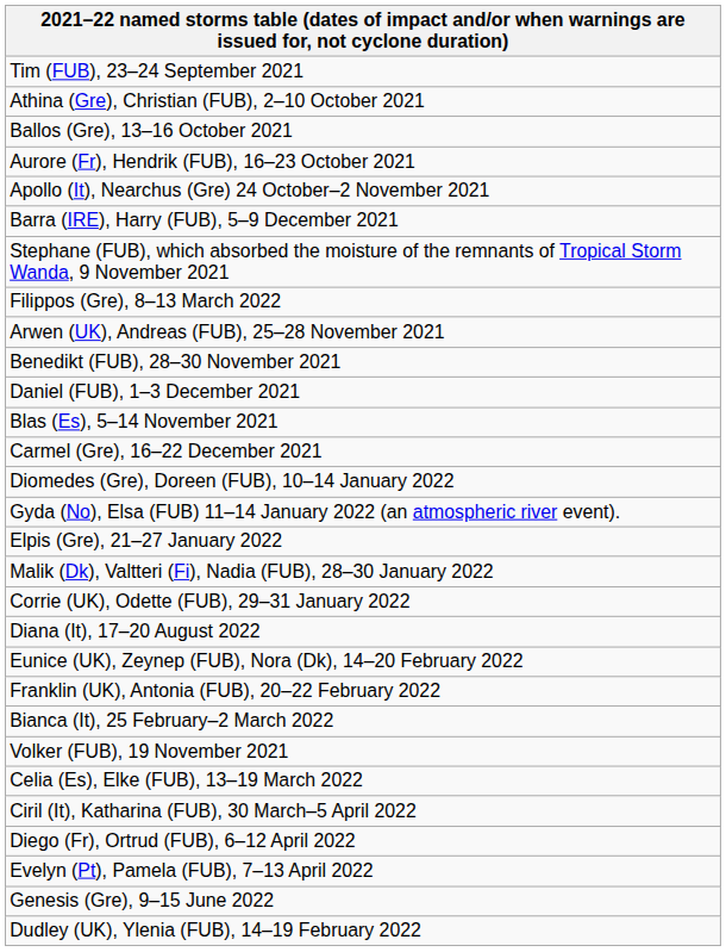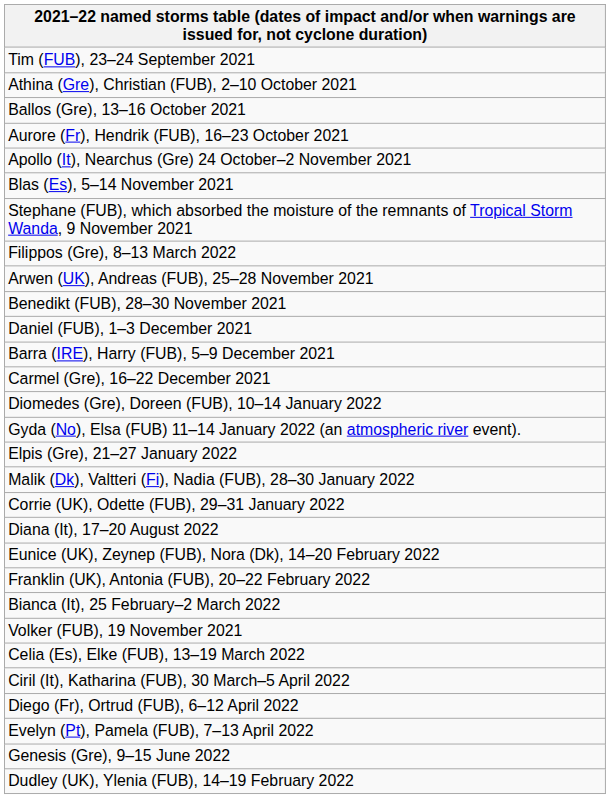 <table class="wikitable sortable">
 <tr>
 <th>2021–22 named storms table (dates of impact and/or when warnings are issued for, not cyclone duration)</th>
 </tr>
 <tr>
 <td>Tim (<a href='#'>FUB</a>), 23–24 September 2021</td>
 </tr>
 <tr>
 <td>Athina (<a href='#'>Gre</a>), Christian (FUB), 2–10 October 2021</td>
 </tr>
 <tr>
 <td>Ballos (Gre), 13–16 October 2021</td>
 </tr>
 <tr>
 <td>Aurore (<a href='#'>Fr</a>), Hendrik (FUB), 16–23 October 2021</td>
 </tr>
 <tr>
 <td>Apollo (<a href='#'>It</a>), Nearchus (Gre) 24 October–2 November 2021</td>
 </tr>
 <tr>
-<td>Barra (<a href='#'>IRE</a>), Harry (FUB), 5–9 December 2021</td>
+<td>Blas (<a href='#'>Es</a>), 5–14 November 2021</td>
 </tr>
 <tr>
 <td>Stephane (FUB), which absorbed the moisture of the remnants of <a href='#'>Tropical Storm Wanda</a>, 9 November 2021</td>
 </tr>
 <tr>
 <td>Filippos (Gre), 8–13 March 2022</td>
 </tr>
 <tr>
 <td>Arwen (<a href='#'>UK</a>), Andreas (FUB), 25–28 November 2021</td>
 </tr>
 <tr>
 <td>Benedikt (FUB), 28–30 November 2021</td>
 </tr>
 <tr>
 <td>Daniel (FUB), 1–3 December 2021</td>
 </tr>
 <tr>
-<td>Blas (<a href='#'>Es</a>), 5–14 November 2021</td>
+<td>Barra (<a href='#'>IRE</a>), Harry (FUB), 5–9 December 2021</td>
 </tr>
 <tr>
 <td>Carmel (Gre), 16–22 December 2021</td>
 </tr>
 <tr>
 <td>Diomedes (Gre), Doreen (FUB), 10–14 January 2022</td>
 </tr>
 <tr>
 <td>Gyda (<a href='#'>No</a>), Elsa (FUB) 11–14 January 2022 (an <a href='#'>atmospheric river</a> event).</td>
 </tr>
 <tr>
 <td>Elpis (Gre), 21–27 January 2022</td>
 </tr>
 <tr>
 <td>Malik (<a href='#'>Dk</a>), Valtteri (<a href='#'>Fi</a>), Nadia (FUB), 28–30 January 2022</td>
 </tr>
 <tr>
 <td>Corrie (UK), Odette (FUB), 29–31 January 2022</td>
 </tr>
 <tr>
 <td>Diana (It), 17–20 August 2022</td>
 </tr>
 <tr>
 <td>Eunice (UK), Zeynep (FUB), Nora (Dk), 14–20 February 2022</td>
 </tr>
 <tr>
 <td>Franklin (UK), Antonia (FUB), 20–22 February 2022</td>
 </tr>
 <tr>
 <td>Bianca (It), 25 February–2 March 2022</td>
 </tr>
 <tr>
 <td>Volker (FUB), 19 November 2021</td>
 </tr>
 <tr>
 <td>Celia (Es), Elke (FUB), 13–19 March 2022</td>
 </tr>
 <tr>
 <td>Ciril (It), Katharina (FUB), 30 March–5 April 2022</td>
 </tr>
 <tr>
 <td>Diego (Fr), Ortrud (FUB), 6–12 April 2022</td>
 </tr>
 <tr>
 <td>Evelyn (<a href='#'>Pt</a>), Pamela (FUB), 7–13 April 2022</td>
 </tr>
 <tr>
 <td>Genesis (Gre), 9–15 June 2022</td>
 </tr>
 <tr>
 <td>Dudley (UK), Ylenia (FUB), 14–19 February 2022</td>
 </tr>
 </table>
